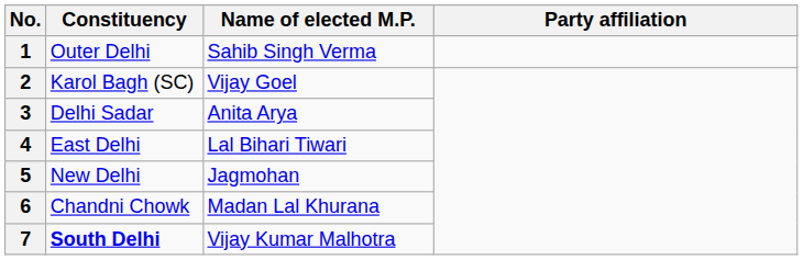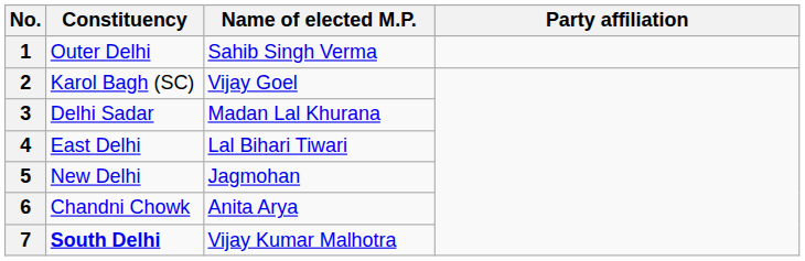 <table class="wikitable">
 <tr style="background:#ccc; text-align:center;">
 <th>No.</th>
 <th style="width:120px">Constituency</th>
 <th style="width:180px">Name of elected M.P.</th>
 <th colspan="2" style="width:18em">Party affiliation</th>
 </tr>
 <tr>
 <th>1</th>
 <td><a href='#'>Outer Delhi</a></td>
 <td><a href='#'>Sahib Singh Verma</a></td>
 <td></td>
 </tr>
 <tr>
 <th>2</th>
 <td><a href='#'>Karol Bagh</a> (SC)</td>
 <td><a href='#'>Vijay Goel</a></td>
 </tr>
 <tr>
 <th>3</th>
 <td><a href='#'>Delhi Sadar</a></td>
-<td><a href='#'>Anita Arya</a></td>
+<td><a href='#'>Madan Lal Khurana</a></td>
 </tr>
 <tr>
 <th>4</th>
 <td><a href='#'>East Delhi</a></td>
 <td><a href='#'>Lal Bihari Tiwari</a></td>
 </tr>
 <tr>
 <th>5</th>
 <td><a href='#'>New Delhi</a></td>
 <td><a href='#'>Jagmohan</a></td>
 </tr>
 <tr>
 <th>6</th>
 <td><a href='#'>Chandni Chowk</a></td>
-<td><a href='#'>Madan Lal Khurana</a></td>
+<td><a href='#'>Anita Arya</a></td>
 </tr>
 <tr>
 <th>7</th>
 <td><strong><a href='#'>South Delhi</a></strong></td>
 <td><a href='#'>Vijay Kumar Malhotra</a></td>
 </tr>
 </table>
